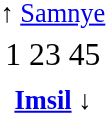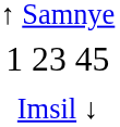 <table style="text-align:center; margin-left:1.5em;">
 <tr>
 <td><small>↑ <a href='#'>Samnye</a></small></td>
 </tr>
 <tr>
 <td> <span>1</span>   <span>23</span>   <span>45</span>      </td>
 </tr>
 <tr>
-<td><strong><small> <a href='#'>Imsil</a> ↓</small></strong></td>
+<td><small> <a href='#'>Imsil</a> ↓</small></td>
 </tr>
 <tr>
 </tr>
 </table>
